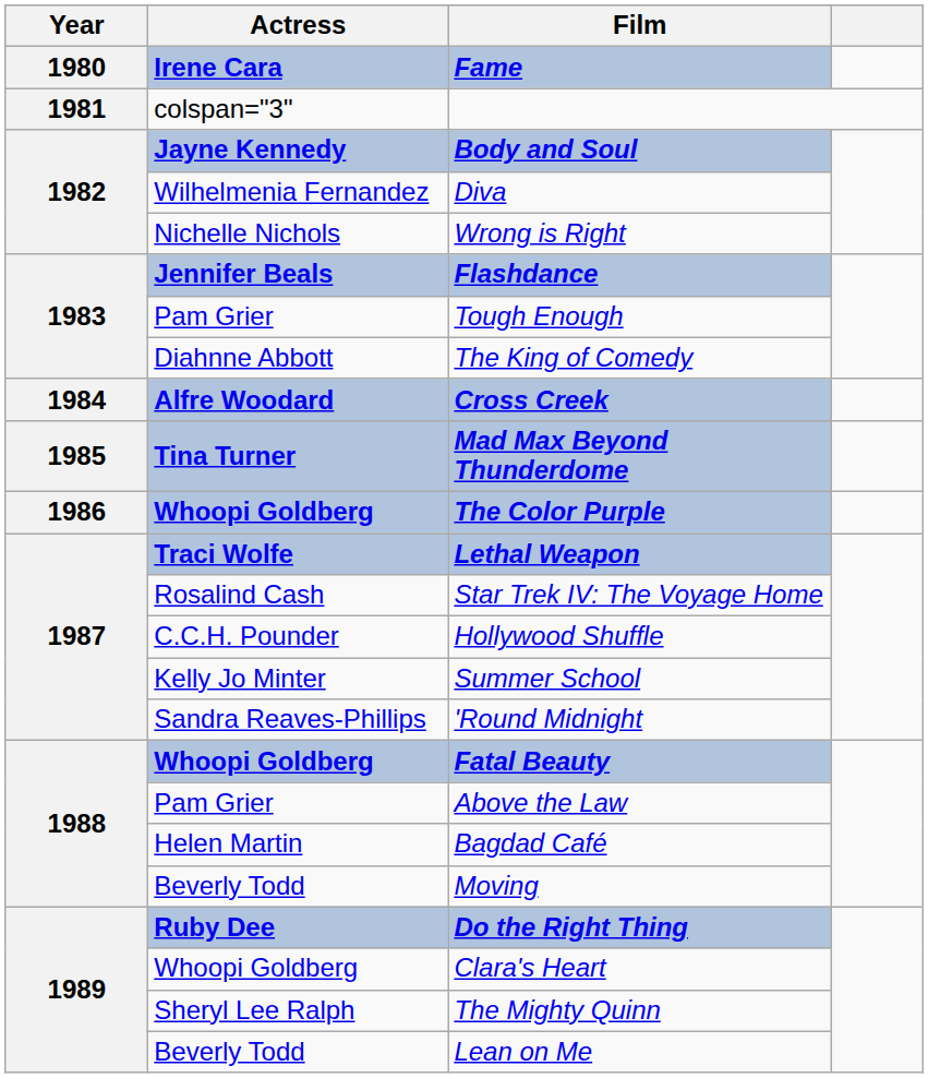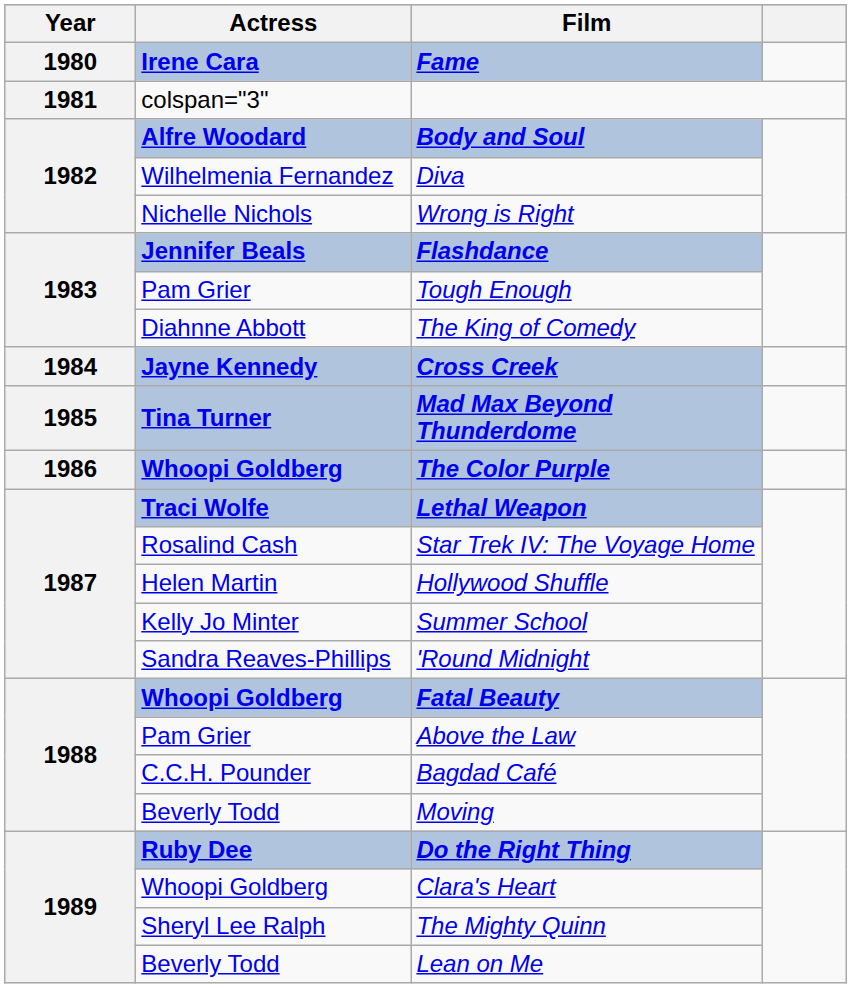 <table class="wikitable" style="width:90%;">
 <tr style="background:#bebebe;">
 <th scope="col" style="width:5em;">Year</th>
 <th scope="col" style="width:11em;">Actress</th>
 <th scope="col">Film</th>
 <th scope="col" style="width:3em;"></th>
 </tr>
 <tr>
 <th scope="row">1980</th>
 <td style="background:#B0C4DE; font-weight:bold;"><a href='#'>Irene Cara</a></td>
 <td style="background:#B0C4DE; font-weight:bold;"><em><a href='#'>Fame</a></em></td>
 <td style="text-align:center;"></td>
 </tr>
 <tr>
 <th scope="row">1981</th>
 <td>colspan="3" </td>
 </tr>
 <tr>
 <th scope="row" rowspan="3">1982</th>
-<td style="background:#B0C4DE; font-weight:bold;"><a href='#'>Jayne Kennedy</a></td>
+<td style="background:#B0C4DE; font-weight:bold;"><a href='#'>Alfre Woodard</a></td>
 <td style="background:#B0C4DE; font-weight:bold;"><em><a href='#'>Body and Soul</a></em></td>
 <td rowspan="3" style="text-align:center;"></td>
 </tr>
 <tr>
 <td><a href='#'>Wilhelmenia Fernandez</a></td>
 <td><em><a href='#'>Diva</a></em></td>
 </tr>
 <tr>
 <td><a href='#'>Nichelle Nichols</a></td>
 <td><em><a href='#'>Wrong is Right</a></em></td>
 </tr>
 <tr>
 <th scope="row" rowspan="3">1983</th>
 <td style="background:#B0C4DE; font-weight:bold;"><a href='#'>Jennifer Beals</a></td>
 <td style="background:#B0C4DE; font-weight:bold;"><em><a href='#'>Flashdance</a></em></td>
 <td rowspan="3" style="text-align:center;"></td>
 </tr>
 <tr>
 <td><a href='#'>Pam Grier</a></td>
 <td><em><a href='#'>Tough Enough</a></em></td>
 </tr>
 <tr>
 <td><a href='#'>Diahnne Abbott</a></td>
 <td><em><a href='#'>The King of Comedy</a></em></td>
 </tr>
 <tr>
 <th scope="row">1984</th>
-<td style="background:#B0C4DE; font-weight:bold;"><a href='#'>Alfre Woodard</a></td>
+<td style="background:#B0C4DE; font-weight:bold;"><a href='#'>Jayne Kennedy</a></td>
 <td style="background:#B0C4DE; font-weight:bold;"><em><a href='#'>Cross Creek</a></em></td>
 <td style="text-align:center;"></td>
 </tr>
 <tr>
 <th scope="row">1985</th>
 <td style="background:#B0C4DE; font-weight:bold;"><a href='#'>Tina Turner</a></td>
 <td style="background:#B0C4DE; font-weight:bold;"><em><a href='#'>Mad Max Beyond Thunderdome</a></em></td>
 <td style="text-align:center;"></td>
 </tr>
 <tr>
 <th scope="row">1986</th>
 <td style="background:#B0C4DE; font-weight:bold;"><a href='#'>Whoopi Goldberg</a></td>
 <td style="background:#B0C4DE; font-weight:bold;"><em><a href='#'>The Color Purple</a></em></td>
 <td style="text-align:center;"></td>
 </tr>
 <tr>
 <th scope="row" rowspan="5">1987</th>
 <td style="background:#B0C4DE; font-weight:bold;"><a href='#'>Traci Wolfe</a></td>
 <td style="background:#B0C4DE; font-weight:bold;"><em><a href='#'>Lethal Weapon</a></em></td>
 <td rowspan="5" style="text-align:center;"></td>
 </tr>
 <tr>
 <td><a href='#'>Rosalind Cash</a></td>
 <td><em><a href='#'>Star Trek IV: The Voyage Home</a></em></td>
 </tr>
 <tr>
-<td><a href='#'>C.C.H. Pounder</a></td>
+<td><a href='#'>Helen Martin</a></td>
 <td><em><a href='#'>Hollywood Shuffle</a></em></td>
 </tr>
 <tr>
 <td><a href='#'>Kelly Jo Minter</a></td>
 <td><em><a href='#'>Summer School</a></em></td>
 </tr>
 <tr>
 <td><a href='#'>Sandra Reaves-Phillips</a></td>
 <td><em><a href='#'>'Round Midnight</a></em></td>
 </tr>
 <tr>
 <th scope="row" rowspan="4">1988</th>
 <td style="background:#B0C4DE; font-weight:bold;"><a href='#'>Whoopi Goldberg</a></td>
 <td style="background:#B0C4DE; font-weight:bold;"><em><a href='#'>Fatal Beauty</a></em></td>
 <td rowspan="4" style="text-align:center;"></td>
 </tr>
 <tr>
 <td><a href='#'>Pam Grier</a></td>
 <td><em><a href='#'>Above the Law</a></em></td>
 </tr>
 <tr>
-<td><a href='#'>Helen Martin</a></td>
+<td><a href='#'>C.C.H. Pounder</a></td>
 <td><em><a href='#'>Bagdad Café</a></em></td>
 </tr>
 <tr>
 <td><a href='#'>Beverly Todd</a></td>
 <td><em><a href='#'>Moving</a></em></td>
 </tr>
 <tr>
 <th scope="row" rowspan="4">1989</th>
 <td style="background:#B0C4DE; font-weight:bold;"><a href='#'>Ruby Dee</a></td>
 <td style="background:#B0C4DE; font-weight:bold;"><em><a href='#'>Do the Right Thing</a></em></td>
 <td rowspan="4" style="text-align:center;"></td>
 </tr>
 <tr>
 <td><a href='#'>Whoopi Goldberg</a></td>
 <td><em><a href='#'>Clara's Heart</a></em></td>
 </tr>
 <tr>
 <td><a href='#'>Sheryl Lee Ralph</a></td>
 <td><em><a href='#'>The Mighty Quinn</a></em></td>
 </tr>
 <tr>
 <td><a href='#'>Beverly Todd</a></td>
 <td><em><a href='#'>Lean on Me</a></em></td>
 </tr>
 </table>
